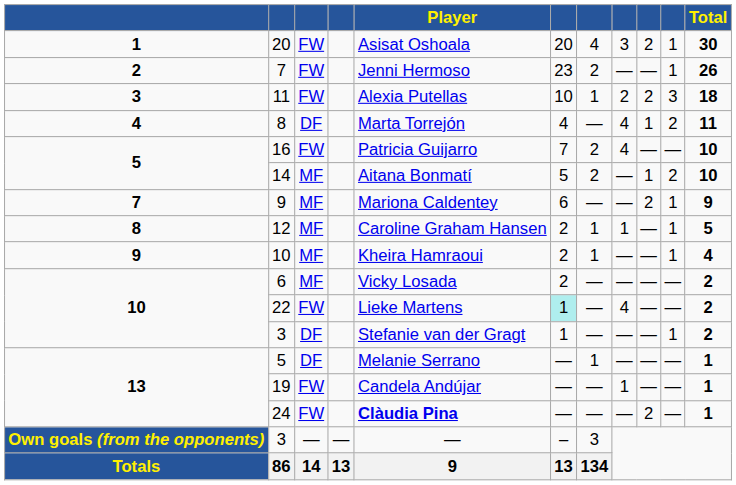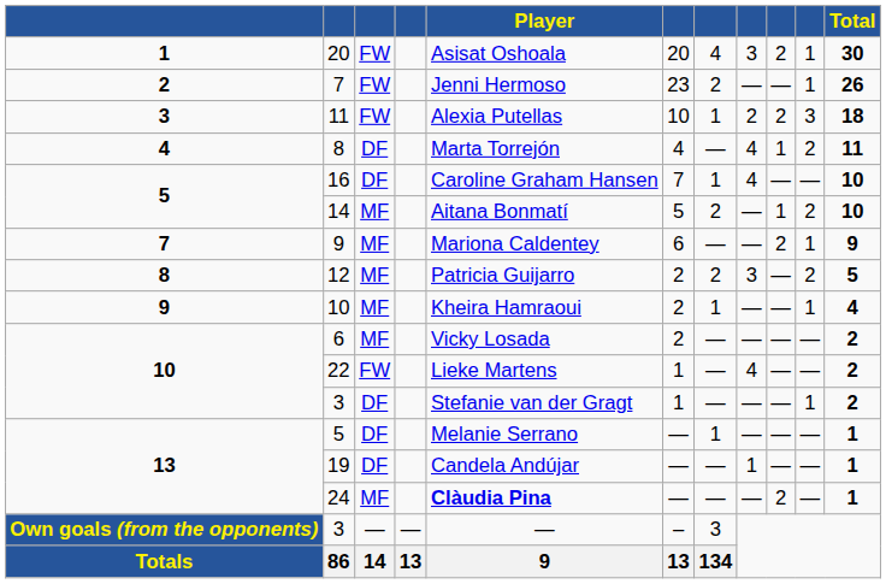 <table class="wikitable" style="text-align:center;">
 <tr>
 <th style="background:#26559B; color:#FFF000; "></th>
 <th style="background:#26559B; color:#FFF000; "></th>
 <th style="background:#26559B; color:#FFF000; "></th>
 <th style="background:#26559B; color:#FFF000; "></th>
 <th style="background:#26559B; color:#FFF000; ">Player</th>
 <th style="background:#26559B; color:#FFF000; "></th>
 <th style="background:#26559B; color:#FFF000; "></th>
 <th style="background:#26559B; color:#FFF000; "></th>
 <th style="background:#26559B; color:#FFF000; "></th>
 <th style="background:#26559B; color:#FFF000; "></th>
 <th style="background:#26559B; color:#FFF000; ">Total</th>
 </tr>
 <tr>
 <td><strong>1</strong></td>
 <td>20</td>
 <td><a href='#'>FW</a></td>
 <td></td>
 <td align="left"><a href='#'>Asisat Oshoala</a></td>
 <td>20</td>
 <td>4</td>
 <td>3</td>
 <td>2</td>
 <td>1</td>
 <td><strong>30</strong></td>
 </tr>
 <tr>
 <td><strong>2</strong></td>
 <td>7</td>
 <td><a href='#'>FW</a></td>
 <td></td>
 <td align="left"><a href='#'>Jenni Hermoso</a></td>
 <td>23</td>
 <td>2</td>
 <td>—</td>
 <td>—</td>
 <td>1</td>
 <td><strong>26</strong></td>
 </tr>
 <tr>
 <td><strong>3</strong></td>
 <td>11</td>
 <td><a href='#'>FW</a></td>
 <td></td>
 <td align="left"><a href='#'>Alexia Putellas</a></td>
 <td>10</td>
 <td>1</td>
 <td>2</td>
 <td>2</td>
 <td>3</td>
 <td><strong>18</strong></td>
 </tr>
 <tr>
 <td><strong>4</strong></td>
 <td>8</td>
 <td><a href='#'>DF</a></td>
 <td></td>
 <td align="left"><a href='#'>Marta Torrejón</a></td>
 <td>4</td>
 <td>—</td>
 <td>4</td>
 <td>1</td>
 <td>2</td>
 <td><strong>11</strong></td>
 </tr>
 <tr>
 <td rowspan="2"><strong>5</strong></td>
 <td>16</td>
-<td><a href='#'>FW</a></td>
+<td><a href='#'>DF</a></td>
 <td></td>
-<td align="left"><a href='#'>Patricia Guijarro</a></td>
+<td align="left"><a href='#'>Caroline Graham Hansen</a></td>
 <td>7</td>
-<td>2</td>
+<td>1</td>
 <td>4</td>
 <td>—</td>
 <td>—</td>
 <td><strong>10</strong></td>
 </tr>
 <tr>
 <td>14</td>
 <td><a href='#'>MF</a></td>
 <td></td>
 <td align="left"><a href='#'>Aitana Bonmatí</a></td>
 <td>5</td>
 <td>2</td>
 <td>—</td>
 <td>1</td>
 <td>2</td>
 <td><strong>10</strong></td>
 </tr>
 <tr>
 <td><strong>7</strong></td>
 <td>9</td>
 <td><a href='#'>MF</a></td>
 <td></td>
 <td align="left"><a href='#'>Mariona Caldentey</a></td>
 <td>6</td>
 <td>—</td>
 <td>—</td>
 <td>2</td>
 <td>1</td>
 <td><strong>9</strong></td>
 </tr>
 <tr>
 <td><strong>8</strong></td>
 <td>12</td>
 <td><a href='#'>MF</a></td>
 <td></td>
-<td align="left"><a href='#'>Caroline Graham Hansen</a></td>
+<td align="left"><a href='#'>Patricia Guijarro</a></td>
 <td>2</td>
-<td>1</td>
-<td>1</td>
+<td>2</td>
+<td>3</td>
 <td>—</td>
-<td>1</td>
+<td>2</td>
 <td><strong>5</strong></td>
 </tr>
 <tr>
 <td><strong>9</strong></td>
 <td>10</td>
 <td><a href='#'>MF</a></td>
 <td></td>
 <td align="left"><a href='#'>Kheira Hamraoui</a></td>
 <td>2</td>
 <td>1</td>
 <td>—</td>
 <td>—</td>
 <td>1</td>
 <td><strong>4</strong></td>
 </tr>
 <tr>
 <td rowspan="3"><strong>10</strong></td>
 <td>6</td>
 <td><a href='#'>MF</a></td>
 <td></td>
 <td align="left"><a href='#'>Vicky Losada</a></td>
 <td>2</td>
 <td>—</td>
 <td>—</td>
 <td>—</td>
 <td>—</td>
 <td><strong>2</strong></td>
 </tr>
 <tr>
 <td>22</td>
 <td><a href='#'>FW</a></td>
 <td></td>
 <td align="left"><a href='#'>Lieke Martens</a></td>
-<td style="background: paleturquoise;">1</td>
+<td>1</td>
 <td>—</td>
 <td>4</td>
 <td>—</td>
 <td>—</td>
 <td><strong>2</strong></td>
 </tr>
 <tr>
 <td>3</td>
 <td><a href='#'>DF</a></td>
 <td></td>
 <td align="left"><a href='#'>Stefanie van der Gragt</a></td>
 <td>1</td>
 <td>—</td>
 <td>—</td>
 <td>—</td>
 <td>1</td>
 <td><strong>2</strong></td>
 </tr>
 <tr>
 <td rowspan="3"><strong>13</strong></td>
 <td>5</td>
 <td><a href='#'>DF</a></td>
 <td></td>
 <td align="left"><a href='#'>Melanie Serrano</a></td>
 <td>—</td>
 <td>1</td>
 <td>—</td>
 <td>—</td>
 <td>—</td>
 <td><strong>1</strong></td>
 </tr>
 <tr>
 <td>19</td>
-<td><a href='#'>FW</a></td>
+<td><a href='#'>DF</a></td>
 <td></td>
 <td align="left"><a href='#'>Candela Andújar</a></td>
 <td>—</td>
 <td>—</td>
 <td>1</td>
 <td>—</td>
 <td>—</td>
 <td><strong>1</strong></td>
 </tr>
 <tr>
 <td>24</td>
-<td><a href='#'>FW</a></td>
+<td><a href='#'>MF</a></td>
 <td></td>
 <td align="left"><strong><a href='#'>Clàudia Pina</a></strong></td>
 <td>—</td>
 <td>—</td>
 <td>—</td>
 <td>2</td>
 <td>—</td>
 <td><strong>1</strong></td>
 </tr>
 <tr>
 <td style="background:#26559B; color:#FFF000; "><strong>Own goals <em>(from the opponents)<strong><em></td>
 <td>3</td>
 <td>—</td>
 <td>—</td>
 <td>—</td>
 <td>–</td>
 <td></strong>3<strong></td>
 </tr>
 <tr>
 <th style="background:#26559B; color:#FFF000; "></strong>Totals<strong></th>
 <th>86</th>
 <th>14</th>
 <th>13</th>
 <th>9</th>
 <th>13</th>
 <th>134</th>
 </tr>
 </table>
